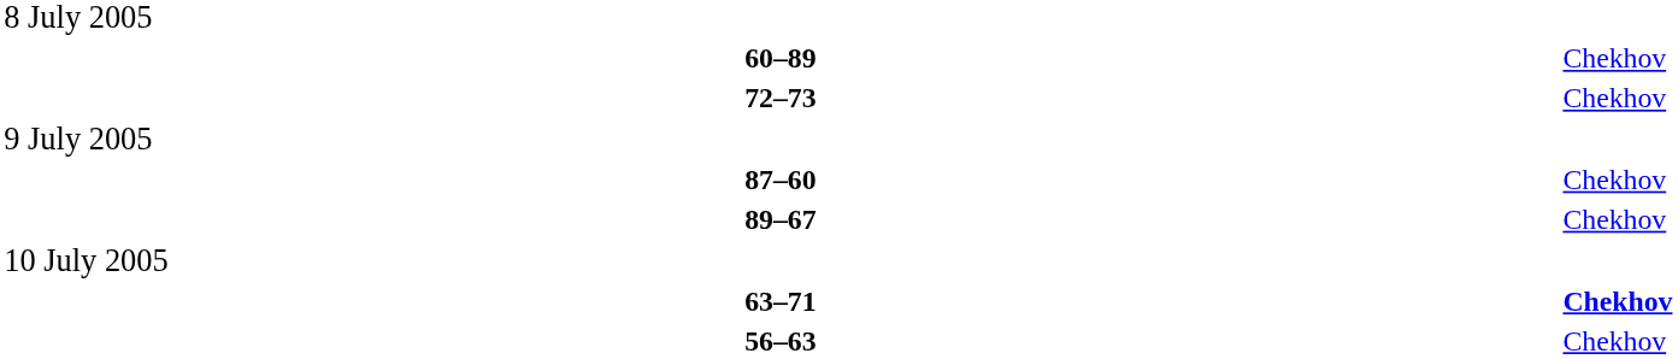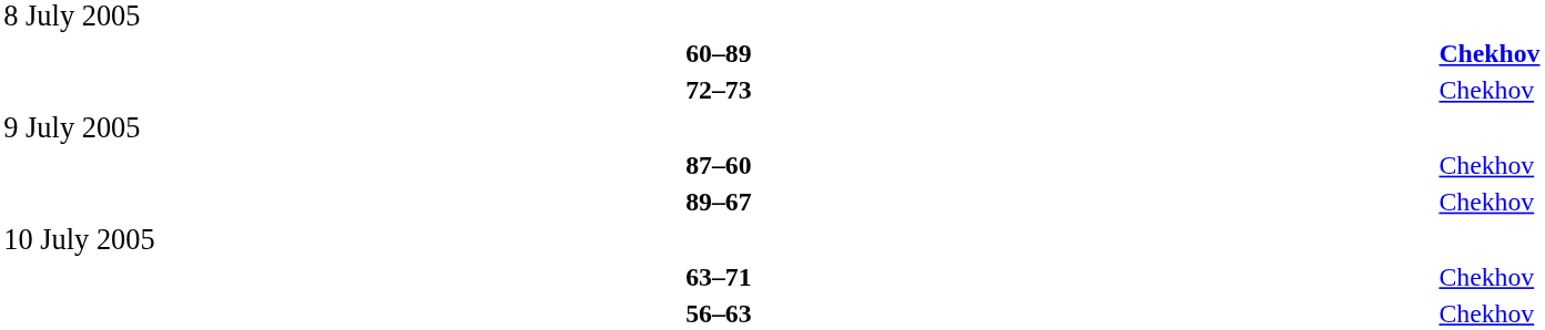 <table style="width:100%;" cellspacing="1">
 <tr>
 <th width=25%></th>
 <th width=3%></th>
 <th width=6%></th>
 <th width=3%></th>
 <th width=25%></th>
 </tr>
 <tr>
 <td>8 July 2005</td>
 </tr>
 <tr style=font-size:90%>
 <td align=right><strong></strong></td>
 <td></td>
 <td align=center><strong>60–89</strong></td>
 <td></td>
 <td><strong></strong></td>
-<td><a href='#'>Chekhov</a></td>
+<td><strong><a href='#'>Chekhov</a></strong></td>
 </tr>
 <tr style=font-size:90%>
 <td align=right><strong></strong></td>
 <td></td>
 <td align=center><strong>72–73</strong></td>
 <td></td>
 <td><strong></strong></td>
 <td><a href='#'>Chekhov</a></td>
 </tr>
 <tr>
 <td>9 July 2005</td>
 </tr>
 <tr style=font-size:90%>
 <td align=right><strong></strong></td>
 <td></td>
 <td align=center><strong>87–60</strong></td>
 <td></td>
 <td><strong></strong></td>
 <td><a href='#'>Chekhov</a></td>
 </tr>
 <tr style=font-size:90%>
 <td align=right><strong></strong></td>
 <td></td>
 <td align=center><strong>89–67</strong></td>
 <td></td>
 <td><strong></strong></td>
 <td><a href='#'>Chekhov</a></td>
 </tr>
 <tr>
 <td>10 July 2005</td>
 </tr>
 <tr style=font-size:90%>
 <td align=right><strong></strong></td>
 <td></td>
 <td align=center><strong>63–71</strong></td>
 <td></td>
 <td><strong></strong></td>
-<td><strong><a href='#'>Chekhov</a></strong></td>
+<td><a href='#'>Chekhov</a></td>
 </tr>
 <tr style=font-size:90%>
 <td align=right><strong></strong></td>
 <td></td>
 <td align=center><strong>56–63</strong></td>
 <td></td>
 <td><strong></strong></td>
 <td><a href='#'>Chekhov</a></td>
 </tr>
 </table>
